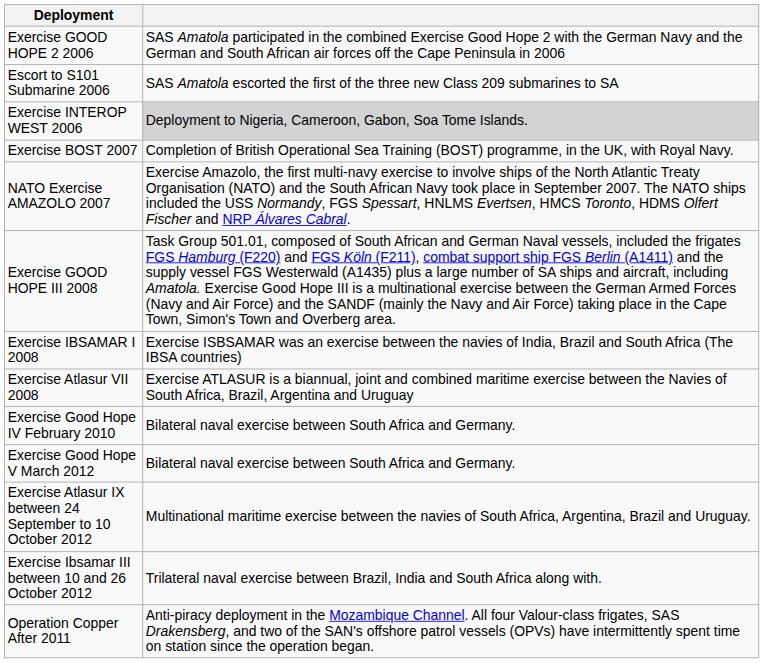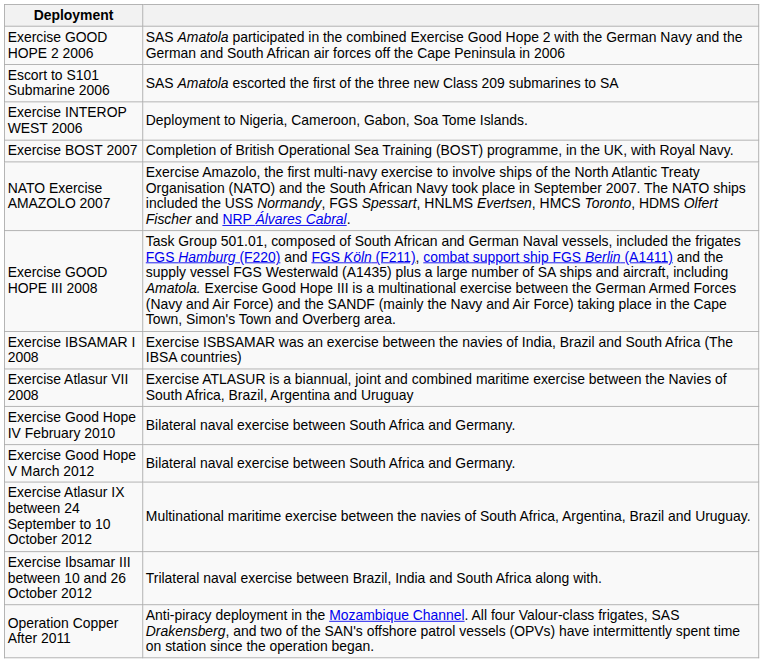 <table class="wikitable">
 <tr>
 <th>Deployment</th>
 <th></th>
 </tr>
 <tr>
 <td>Exercise GOOD HOPE 2 2006</td>
 <td>SAS <em>Amatola</em> participated in the combined Exercise Good Hope 2 with the German Navy and the German and South African air forces off the Cape Peninsula in 2006</td>
 </tr>
 <tr>
 <td>Escort to S101 Submarine 2006</td>
 <td>SAS <em>Amatola</em> escorted the first of the three new Class 209 submarines to SA</td>
 </tr>
 <tr>
 <td>Exercise INTEROP WEST 2006</td>
-<td style="background: lightgrey;">Deployment to Nigeria, Cameroon, Gabon, Soa Tome Islands.</td>
+<td>Deployment to Nigeria, Cameroon, Gabon, Soa Tome Islands.</td>
 </tr>
 <tr>
 <td>Exercise BOST 2007</td>
 <td>Completion of British Operational Sea Training (BOST) programme, in the UK, with Royal Navy.</td>
 </tr>
 <tr>
 <td>NATO Exercise AMAZOLO 2007</td>
 <td>Exercise Amazolo, the first multi-navy exercise to involve ships of the North Atlantic Treaty Organisation (NATO) and the South African Navy took place in September 2007. The NATO ships included the USS <em>Normandy</em>, FGS <em>Spessart</em>, HNLMS <em>Evertsen</em>, HMCS <em>Toronto</em>, HDMS <em>Olfert Fischer</em> and <a href='#'>NRP <em>Álvares Cabral</em></a>.</td>
 </tr>
 <tr>
 <td>Exercise GOOD HOPE III 2008</td>
 <td>Task Group 501.01, composed of South African and German Naval vessels, included the frigates <a href='#'>FGS <em>Hamburg</em> (F220)</a> and <a href='#'>FGS <em>Köln</em> (F211)</a>, <a href='#'>combat support ship FGS <em>Berlin</em> (A1411)</a> and the supply vessel FGS Westerwald (A1435) plus a large number of SA ships and aircraft, including <em>Amatola.</em> Exercise Good Hope III is a multinational exercise between the German Armed Forces (Navy and Air Force) and the SANDF (mainly the Navy and Air Force) taking place in the Cape Town, Simon's Town and Overberg area.</td>
 </tr>
 <tr>
 <td>Exercise IBSAMAR I 2008</td>
 <td>Exercise ISBSAMAR was an exercise between the navies of India, Brazil and South Africa (The IBSA countries)</td>
 </tr>
 <tr>
 <td>Exercise Atlasur VII 2008</td>
 <td>Exercise ATLASUR is a biannual, joint and combined maritime exercise between the Navies of South Africa, Brazil, Argentina and Uruguay</td>
 </tr>
 <tr>
 <td>Exercise Good Hope IV February 2010</td>
 <td>Bilateral naval exercise between South Africa and Germany.</td>
 </tr>
 <tr>
 <td>Exercise Good Hope V March 2012</td>
 <td>Bilateral naval exercise between South Africa and Germany.</td>
 </tr>
 <tr>
 <td>Exercise Atlasur IX between 24 September to 10 October 2012</td>
 <td>Multinational maritime exercise between the navies of South Africa, Argentina, Brazil and Uruguay.</td>
 </tr>
 <tr>
 <td>Exercise Ibsamar III between 10 and 26 October 2012</td>
 <td>Trilateral naval exercise between Brazil, India and South Africa along with.</td>
 </tr>
 <tr>
 <td>Operation Copper After 2011</td>
 <td>Anti-piracy deployment in the <a href='#'>Mozambique Channel</a>. All four Valour-class frigates, SAS <em>Drakensberg</em>, and two of the SAN's offshore patrol vessels (OPVs) have intermittently spent time on station since the operation began.</td>
 </tr>
 </table>
